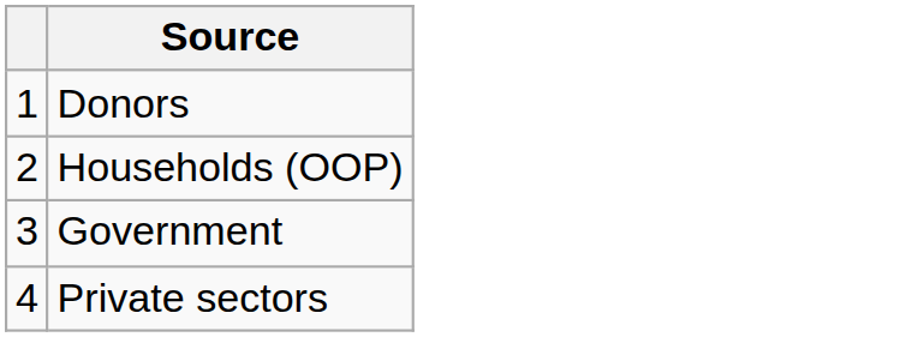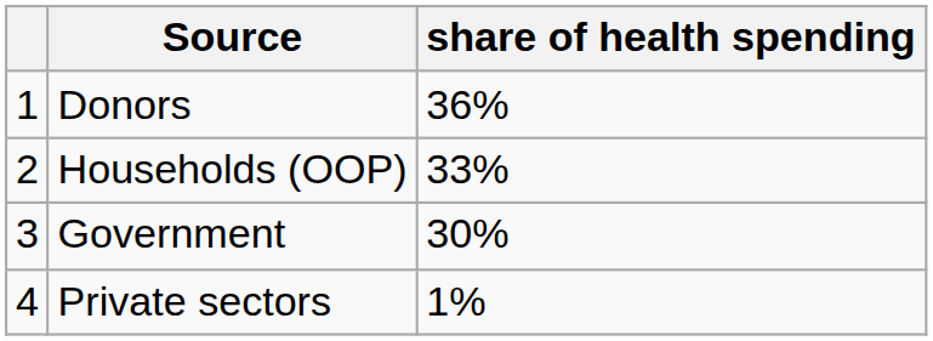 <table class="wikitable">
 <tr>
 <th></th>
 <th>Source</th>
+<th>share of health spending</th>
 </tr>
 <tr>
 <td>1</td>
 <td>Donors</td>
+<td>36%</td>
 </tr>
 <tr>
 <td>2</td>
 <td>Households (OOP)</td>
+<td>33%</td>
 </tr>
 <tr>
 <td>3</td>
 <td>Government</td>
+<td>30%</td>
 </tr>
 <tr>
 <td>4</td>
 <td>Private sectors</td>
+<td>1%</td>
 </tr>
 </table>
